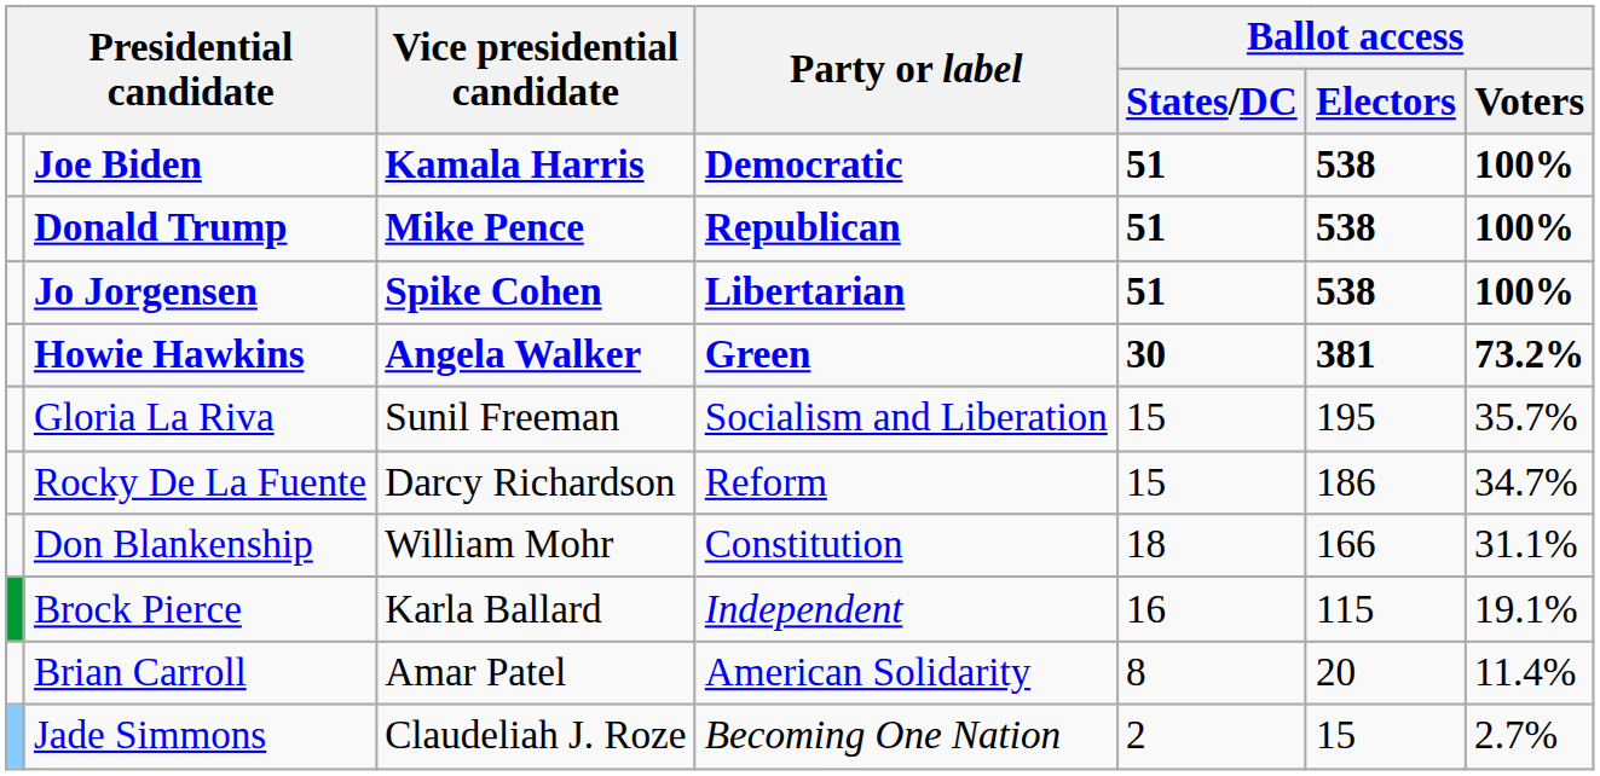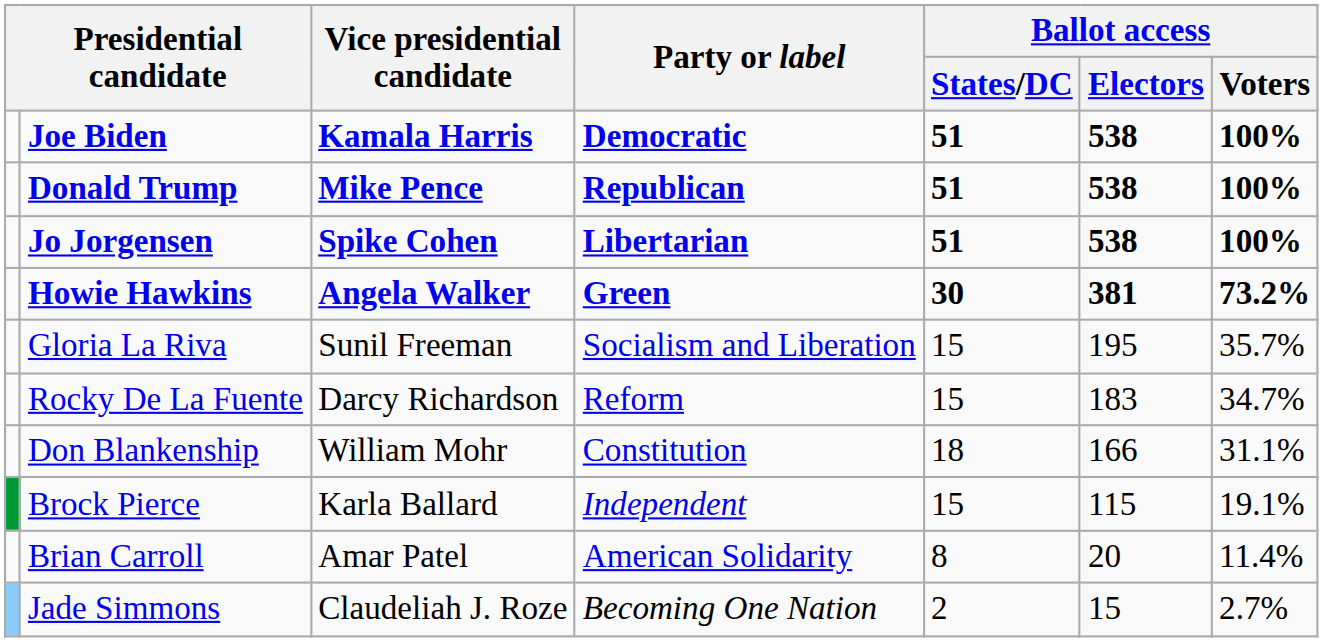 <table class="wikitable">
 <tr>
 <th colspan=2 rowspan=2>Presidential<br>candidate</th>
 <th rowspan=2>Vice presidential<br>candidate</th>
 <th rowspan=2>Party or <em>label</em></th>
 <th colspan=3><a href='#'>Ballot access</a> <em></em></th>
 </tr>
 <tr>
 <th><a href='#'>States</a>/<a href='#'>DC</a></th>
 <th><a href='#'>Electors</a></th>
 <th>Voters</th>
 </tr>
 <tr style=font-weight:bold>
 <td style="background:"></td>
 <td><a href='#'>Joe Biden</a></td>
 <td><a href='#'>Kamala Harris</a></td>
 <td><a href='#'>Democratic</a></td>
 <td>51</td>
 <td>538</td>
 <td>100%</td>
 </tr>
 <tr style=font-weight:bold>
 <td style="background:"></td>
 <td><a href='#'>Donald Trump</a></td>
 <td><a href='#'>Mike Pence</a></td>
 <td><a href='#'>Republican</a></td>
 <td>51</td>
 <td>538</td>
 <td>100%</td>
 </tr>
 <tr style=font-weight:bold>
 <td style="background:"></td>
 <td><a href='#'>Jo Jorgensen</a></td>
 <td><a href='#'>Spike Cohen</a></td>
 <td><a href='#'>Libertarian</a></td>
 <td>51</td>
 <td>538</td>
 <td>100%</td>
 </tr>
 <tr style=font-weight:bold>
 <td style="background:"></td>
 <td><a href='#'>Howie Hawkins</a></td>
 <td><a href='#'>Angela Walker</a></td>
 <td><a href='#'>Green</a></td>
 <td>30 <em></em></td>
 <td>381 <em></em></td>
 <td>73.2% <em></em></td>
 </tr>
 <tr>
 <td style="background:"></td>
 <td><a href='#'>Gloria La Riva</a></td>
 <td>Sunil Freeman</td>
 <td><a href='#'>Socialism and Liberation</a></td>
 <td>15 <em></em></td>
 <td>195 <em></em></td>
 <td>35.7% <em></em></td>
 </tr>
 <tr>
 <td style="background:"></td>
 <td><a href='#'>Rocky De La Fuente</a></td>
 <td>Darcy Richardson</td>
 <td><a href='#'>Reform</a></td>
 <td>15 <em></em></td>
-<td>186 <em></em></td>
+<td>183 <em></em></td>
 <td>34.7% <em></em></td>
 </tr>
 <tr>
 <td style="background:"></td>
 <td><a href='#'>Don Blankenship</a></td>
 <td>William Mohr</td>
 <td><a href='#'>Constitution</a></td>
 <td>18 <em></em></td>
 <td>166 <em></em></td>
 <td>31.1% <em></em></td>
 </tr>
 <tr>
 <td style="background:#093"></td>
 <td><a href='#'>Brock Pierce</a></td>
 <td>Karla Ballard</td>
 <td><em><a href='#'>Independent</a></em></td>
-<td>16 <em></em></td>
+<td>15 <em></em></td>
 <td>115 <em></em></td>
 <td>19.1% <em></em></td>
 </tr>
 <tr>
 <td style="background:"></td>
 <td><a href='#'>Brian Carroll</a></td>
 <td>Amar Patel</td>
 <td><a href='#'>American Solidarity</a></td>
 <td>8 <em></em></td>
 <td>20 <em></em></td>
 <td>11.4% <em></em></td>
 </tr>
 <tr>
 <td style="background:#8CF"></td>
 <td><a href='#'>Jade Simmons</a></td>
 <td>Claudeliah J. Roze</td>
 <td><em>Becoming One Nation</em></td>
 <td>2 <em></em></td>
 <td>15 <em></em></td>
 <td>2.7% <em></em></td>
 </tr>
 </table>
